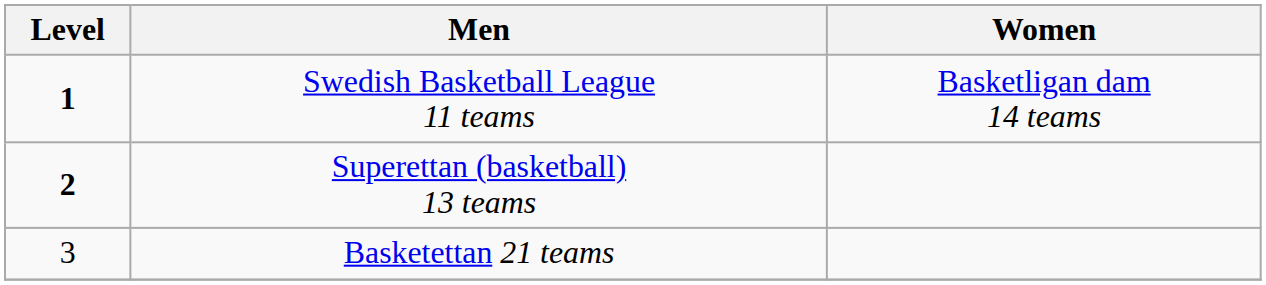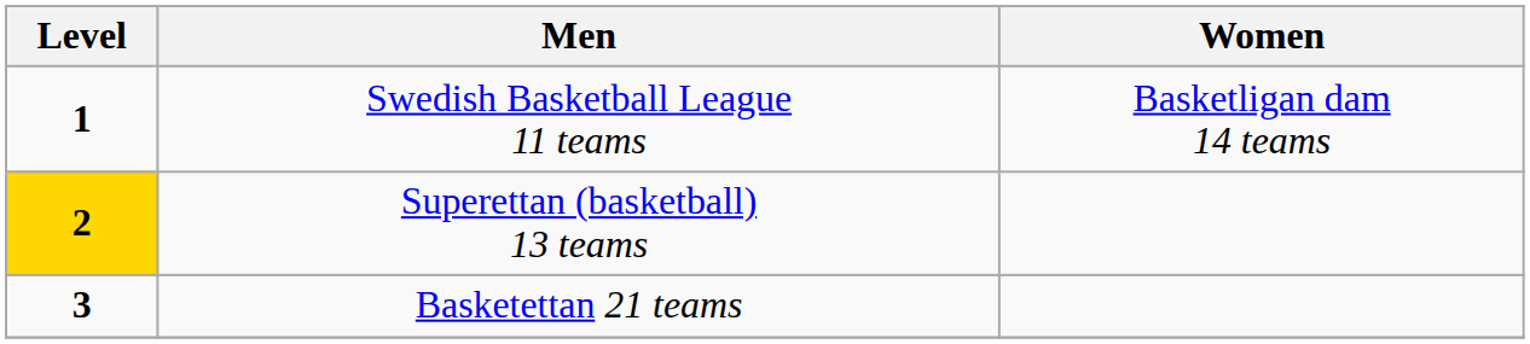 <table class="wikitable" style="text-align: center;" width="50%;">
 <tr>
 <th width="10%">Level</th>
 <th colspan=1>Men</th>
 <th colspan=1>Women</th>
 </tr>
 <tr>
 <td><strong>1</strong></td>
 <td><a href='#'>Swedish Basketball League</a><br><em>11 teams</em></td>
 <td><a href='#'>Basketligan dam</a><br><em>14 teams</em></td>
 </tr>
 <tr>
-<td><strong>2</strong></td>
+<td style="background: gold;"><strong>2</strong></td>
 <td><a href='#'>Superettan (basketball)</a><br><em>13 teams</em></td>
 <td></td>
 </tr>
 <tr>
-<td>3</td>
+<td><strong>3</strong></td>
 <td><a href='#'>Basketettan</a> <em>21 teams</em></td>
 <td></td>
 </tr>
 <tr>
 </tr>
 </table>
